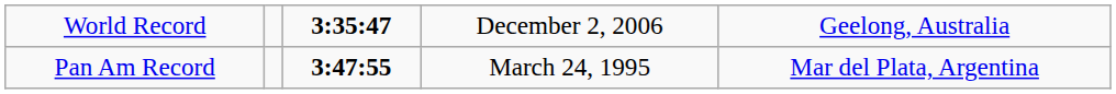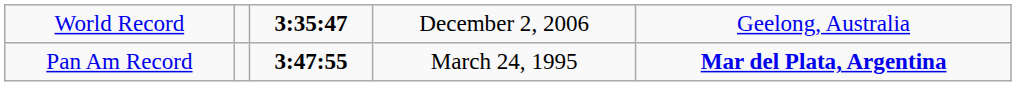 <table class="wikitable" style=" text-align:center; font-size:95%;" width="75%">
 <tr>
 <td><a href='#'>World Record</a></td>
 <td></td>
 <td><strong>3:35:47</strong></td>
 <td>December 2, 2006</td>
 <td> <a href='#'>Geelong, Australia</a></td>
 </tr>
 <tr>
 <td><a href='#'>Pan Am Record</a></td>
 <td></td>
 <td><strong>3:47:55</strong></td>
 <td>March 24, 1995</td>
-<td> <a href='#'>Mar del Plata, Argentina</a></td>
+<td><strong> <a href='#'>Mar del Plata, Argentina</a></strong></td>
 </tr>
 </table>
